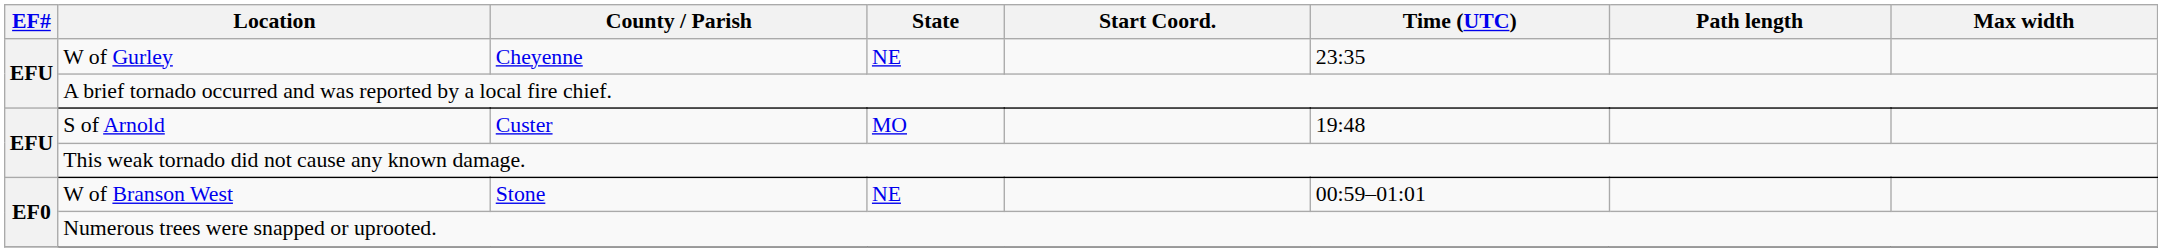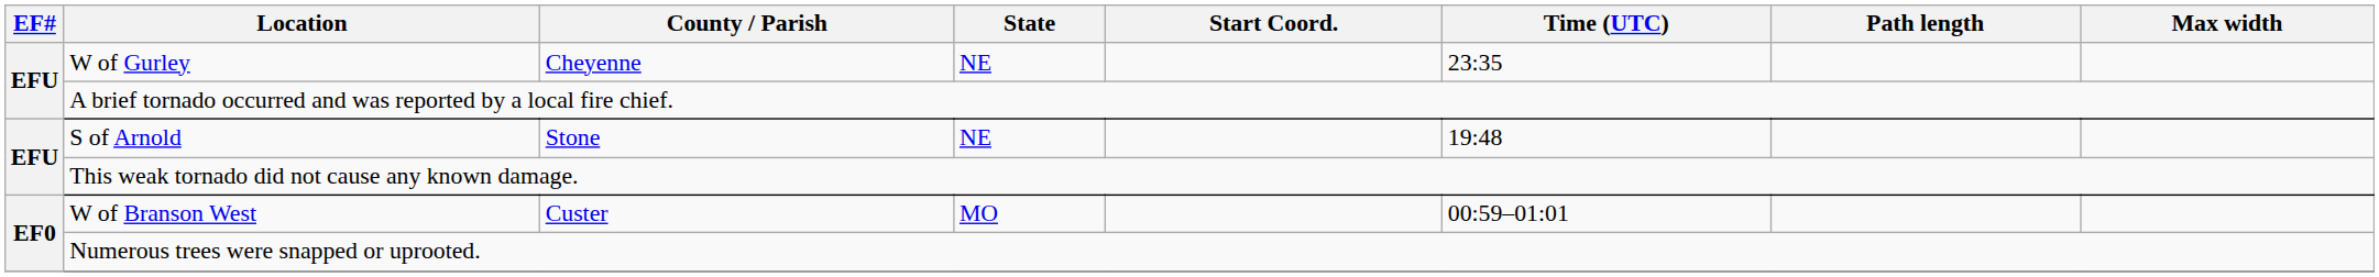 <table class="wikitable sortable" style="width:100%;">
 <tr>
 <th scope="col" width="2%" align="center"><a href='#'>EF#</a></th>
 <th scope="col" align="center" class="unsortable">Location</th>
 <th scope="col" align="center" class="unsortable">County / Parish</th>
 <th scope="col" align="center">State</th>
 <th scope="col" align="center">Start Coord.</th>
 <th scope="col" align="center">Time (<a href='#'>UTC</a>)</th>
 <th scope="col" align="center">Path length</th>
 <th scope="col" align="center">Max width</th>
 </tr>
 <tr>
 <th scope="row" rowspan="2" style="background-color:#">EFU</th>
 <td>W of <a href='#'>Gurley</a></td>
 <td><a href='#'>Cheyenne</a></td>
 <td><a href='#'>NE</a></td>
 <td></td>
 <td>23:35</td>
 <td></td>
 <td></td>
 </tr>
 <tr class="expand-child">
 <td colspan="8" style=" border-bottom: 1px solid black;">A brief tornado occurred and was reported by a local fire chief.</td>
 </tr>
 <tr>
 <th scope="row" rowspan="2" style="background-color:#">EFU</th>
 <td>S of <a href='#'>Arnold</a></td>
-<td><a href='#'>Custer</a></td>
-<td><a href='#'>MO</a></td>
+<td><a href='#'>Stone</a></td>
+<td><a href='#'>NE</a></td>
 <td></td>
 <td>19:48</td>
 <td></td>
 <td></td>
 </tr>
 <tr class="expand-child">
 <td colspan="8" style=" border-bottom: 1px solid black;">This weak tornado did not cause any known damage.</td>
 </tr>
 <tr>
 <th scope="row" rowspan="2" style="background-color:#">EF0</th>
 <td>W of <a href='#'>Branson West</a></td>
-<td><a href='#'>Stone</a></td>
-<td><a href='#'>NE</a></td>
+<td><a href='#'>Custer</a></td>
+<td><a href='#'>MO</a></td>
 <td></td>
 <td>00:59–01:01</td>
 <td></td>
 <td></td>
 </tr>
 <tr class="expand-child">
 <td colspan="8" style=" border-bottom: 1px solid black;">Numerous trees were snapped or uprooted.</td>
 </tr>
 <tr>
 </tr>
 </table>
